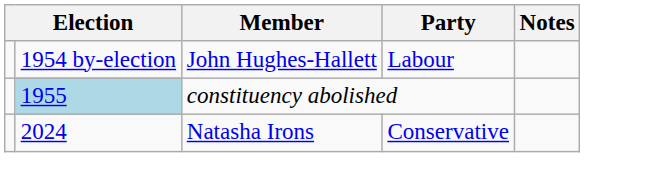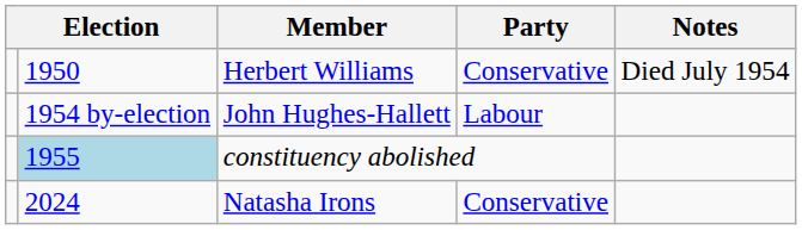 <table class="wikitable">
 <tr>
 <th colspan="2">Election</th>
 <th>Member</th>
 <th>Party</th>
 <th>Notes</th>
+</tr>
+<tr>
+<td style="color:inherit;background-color: "></td>
+<td><a href='#'>1950</a></td>
+<td><a href='#'>Herbert Williams</a></td>
+<td><a href='#'>Conservative</a></td>
+<td>Died July 1954</td>
 </tr>
 <tr>
 <td style="color:inherit;background-color: "></td>
 <td><a href='#'>1954 by-election</a></td>
 <td><a href='#'>John Hughes-Hallett</a></td>
 <td><a href='#'>Labour</a></td>
 </tr>
 <tr>
 <td></td>
 <td style="background: lightblue;"><a href='#'>1955</a></td>
 <td colspan="2"><em>constituency abolished</em></td>
 <td></td>
 </tr>
 <tr>
 <td style="color:inherit;background-color: "></td>
 <td><a href='#'>2024</a></td>
 <td><a href='#'>Natasha Irons</a></td>
 <td><a href='#'>Conservative</a></td>
 </tr>
 </table>
